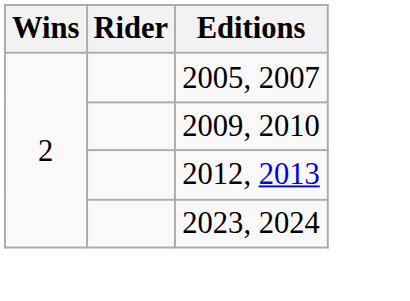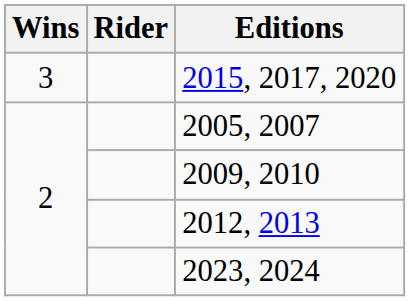 <table class="wikitable">
 <tr>
 <th>Wins</th>
 <th>Rider</th>
 <th>Editions</th>
+</tr>
+<tr>
+<td align=center>3</td>
+<td></td>
+<td><a href='#'>2015</a>, 2017, 2020</td>
 </tr>
 <tr>
 <td align=center rowspan=4>2</td>
 <td></td>
 <td>2005, 2007</td>
 </tr>
 <tr>
 <td></td>
 <td>2009, 2010</td>
 </tr>
 <tr>
 <td></td>
 <td>2012, <a href='#'>2013</a></td>
 </tr>
 <tr>
 <td></td>
 <td>2023, 2024</td>
 </tr>
 </table>
